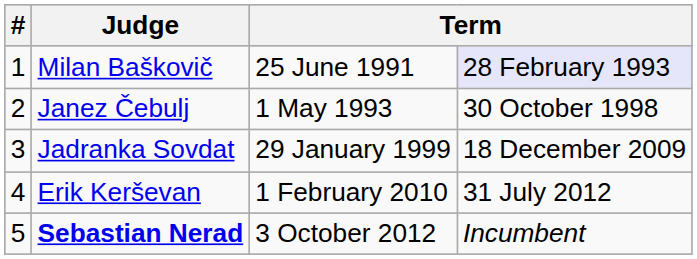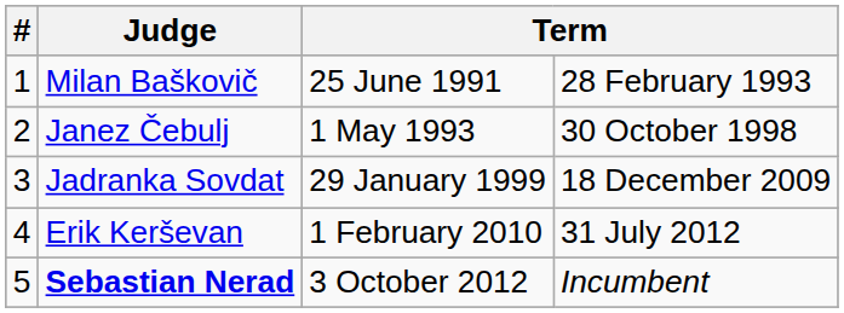 <table class="wikitable">
 <tr>
 <th>#</th>
 <th>Judge</th>
 <th colspan="2">Term</th>
 </tr>
 <tr>
 <td>1</td>
 <td><a href='#'>Milan Baškovič</a></td>
 <td>25 June 1991</td>
-<td style="background: lavender;">28 February 1993</td>
+<td>28 February 1993</td>
 </tr>
 <tr>
 <td>2</td>
 <td><a href='#'>Janez Čebulj</a></td>
 <td>1 May 1993</td>
 <td>30 October 1998</td>
 </tr>
 <tr>
 <td>3</td>
 <td><a href='#'>Jadranka Sovdat</a></td>
 <td>29 January 1999</td>
 <td>18 December 2009</td>
 </tr>
 <tr>
 <td>4</td>
 <td><a href='#'>Erik Kerševan</a></td>
 <td>1 February 2010</td>
 <td>31 July 2012</td>
 </tr>
 <tr>
 <td>5</td>
 <td><strong><a href='#'>Sebastian Nerad</a></strong></td>
 <td>3 October 2012</td>
 <td><em>Incumbent</em></td>
 </tr>
 </table>
